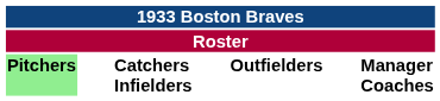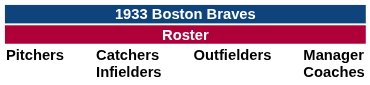 <table class="toccolours" style="font-size: 95%;">
 <tr>
 <th colspan="10" style="background-color: #0f437c; color: white; text-align: center;">1933 Boston Braves</th>
 </tr>
 <tr>
 <td colspan="10" style="background-color: #af0039; color: white; text-align: center;"><strong>Roster</strong></td>
 </tr>
 <tr>
-<td valign="top" style="background: lightgreen;"><strong>Pitchers</strong><br>          </td>
+<td valign="top"><strong>Pitchers</strong><br>          </td>
 <td width="25px"></td>
 <td valign="top"><strong>Catchers</strong><br>   <strong>Infielders</strong>        </td>
 <td width="25px"></td>
 <td valign="top"><strong>Outfielders</strong><br>        </td>
 <td width="25px"></td>
 <td valign="top"><strong>Manager</strong><br> <strong>Coaches</strong>  </td>
 </tr>
 </table>
